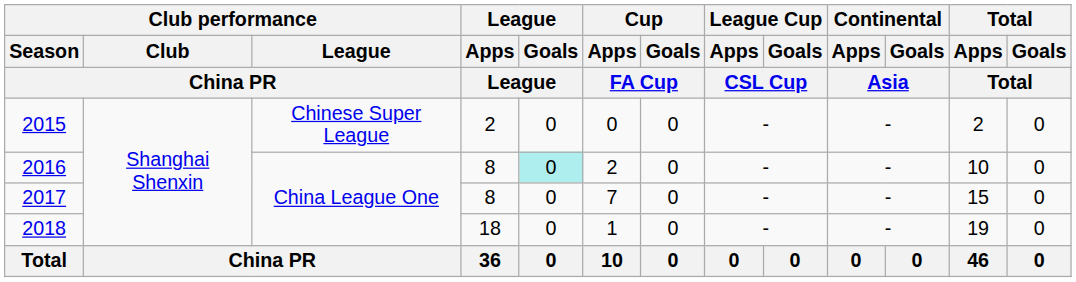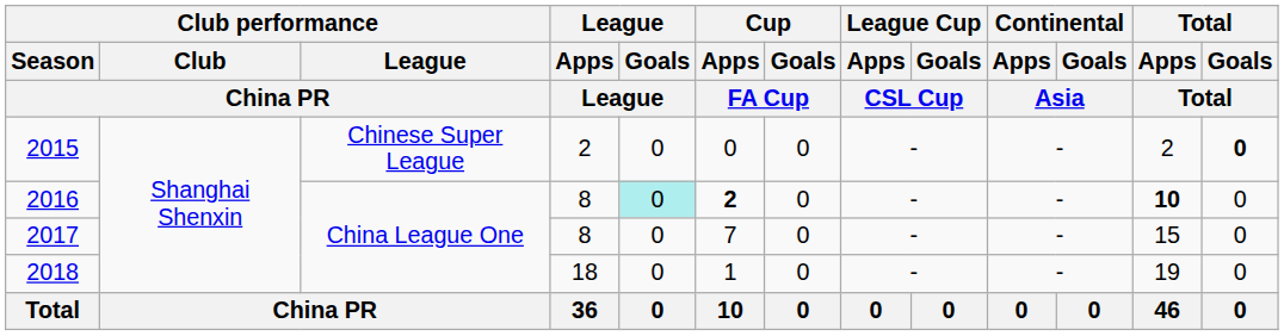 <table class="wikitable" style="text-align:center">
 <tr>
 <th colspan=3>Club performance</th>
 <th colspan=2>League</th>
 <th colspan=2>Cup</th>
 <th colspan=2>League Cup</th>
 <th colspan=2>Continental</th>
 <th colspan=2>Total</th>
 </tr>
 <tr>
 <th>Season</th>
 <th>Club</th>
 <th>League</th>
 <th>Apps</th>
 <th>Goals</th>
 <th>Apps</th>
 <th>Goals</th>
 <th>Apps</th>
 <th>Goals</th>
 <th>Apps</th>
 <th>Goals</th>
 <th>Apps</th>
 <th>Goals</th>
 </tr>
 <tr>
 <th colspan=3>China PR</th>
 <th colspan=2>League</th>
 <th colspan=2><a href='#'>FA Cup</a></th>
 <th colspan=2><a href='#'>CSL Cup</a></th>
 <th colspan=2><a href='#'>Asia</a></th>
 <th colspan=2>Total</th>
 </tr>
 <tr>
 <td><a href='#'>2015</a></td>
 <td rowspan="4"><a href='#'>Shanghai Shenxin</a></td>
 <td rowspan="1"><a href='#'>Chinese Super League</a></td>
 <td>2</td>
 <td>0</td>
 <td>0</td>
 <td>0</td>
 <td colspan="2">-</td>
 <td colspan="2">-</td>
 <td>2</td>
-<td>0</td>
+<td><strong>0</strong></td>
 </tr>
 <tr>
 <td><a href='#'>2016</a></td>
 <td rowspan="3"><a href='#'>China League One</a></td>
 <td>8</td>
 <td style="background: paleturquoise;">0</td>
-<td>2</td>
+<td><strong>2</strong></td>
 <td>0</td>
 <td colspan="2">-</td>
 <td colspan="2">-</td>
-<td>10</td>
+<td><strong>10</strong></td>
 <td>0</td>
 </tr>
 <tr>
 <td><a href='#'>2017</a></td>
 <td>8</td>
 <td>0</td>
 <td>7</td>
 <td>0</td>
 <td colspan="2">-</td>
 <td colspan="2">-</td>
 <td>15</td>
 <td>0</td>
 </tr>
 <tr>
 <td><a href='#'>2018</a></td>
 <td>18</td>
 <td>0</td>
 <td>1</td>
 <td>0</td>
 <td colspan="2">-</td>
 <td colspan="2">-</td>
 <td>19</td>
 <td>0</td>
 </tr>
 <tr>
 <th rowspan=3>Total</th>
 <th colspan=2>China PR</th>
 <th>36</th>
 <th>0</th>
 <th>10</th>
 <th>0</th>
 <th>0</th>
 <th>0</th>
 <th>0</th>
 <th>0</th>
 <th>46</th>
 <th>0</th>
 </tr>
 </table>
